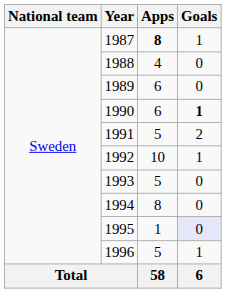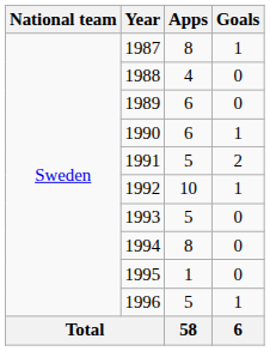 <table class="wikitable" style="text-align:center">
 <tr>
 <th>National team</th>
 <th>Year</th>
 <th>Apps</th>
 <th>Goals</th>
 </tr>
 <tr>
 <td rowspan="10"><a href='#'>Sweden</a></td>
 <td>1987</td>
-<td><strong>8</strong></td>
+<td>8</td>
 <td>1</td>
 </tr>
 <tr>
 <td>1988</td>
 <td>4</td>
 <td>0</td>
 </tr>
 <tr>
 <td>1989</td>
 <td>6</td>
 <td>0</td>
 </tr>
 <tr>
 <td>1990</td>
 <td>6</td>
-<td><strong>1</strong></td>
+<td>1</td>
 </tr>
 <tr>
 <td>1991</td>
 <td>5</td>
 <td>2</td>
 </tr>
 <tr>
 <td>1992</td>
 <td>10</td>
 <td>1</td>
 </tr>
 <tr>
 <td>1993</td>
 <td>5</td>
 <td>0</td>
 </tr>
 <tr>
 <td>1994</td>
 <td>8</td>
 <td>0</td>
 </tr>
 <tr>
 <td>1995</td>
 <td>1</td>
-<td style="background: lavender;">0</td>
+<td>0</td>
 </tr>
 <tr>
 <td>1996</td>
 <td>5</td>
 <td>1</td>
 </tr>
 <tr>
 <th colspan="2">Total</th>
 <th>58</th>
 <th>6</th>
 </tr>
 </table>
